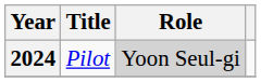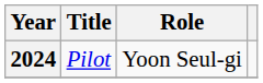 <table class="wikitable plainrowheaders sortable">
 <tr>
 <th scope="col">Year</th>
 <th scope="col">Title</th>
 <th scope="col">Role</th>
 <th scope="col" class="unsortable"></th>
 </tr>
 <tr>
 <th scope="row">2024</th>
 <td><em><a href='#'>Pilot</a></em></td>
-<td style="background: lightgrey;">Yoon Seul-gi</td>
+<td>Yoon Seul-gi</td>
 <td style="text-align:center"></td>
 </tr>
 <tr>
 </tr>
 </table>
